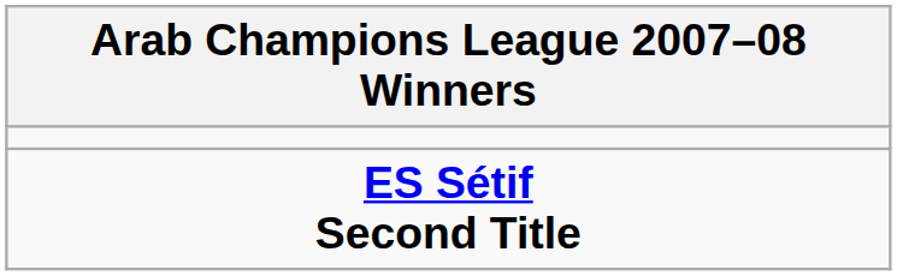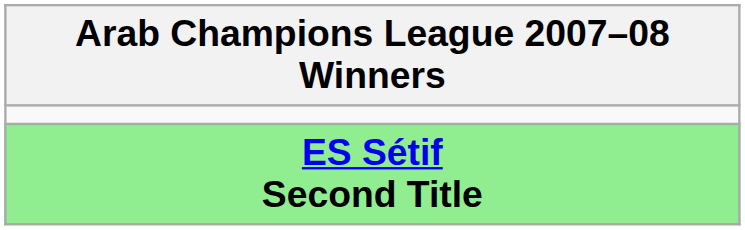 <table class="wikitable" style="text-align: center; margin: 0 auto; width: 20%">
 <tr>
 <th>Arab Champions League 2007–08<br>Winners</th>
 </tr>
 <tr>
 <td></td>
 </tr>
 <tr>
-<td><strong><a href='#'>ES Sétif</a></strong><br><strong>Second Title</strong></td>
+<td style="background: lightgreen;"><strong><a href='#'>ES Sétif</a></strong><br><strong>Second Title</strong></td>
 </tr>
 </table>
